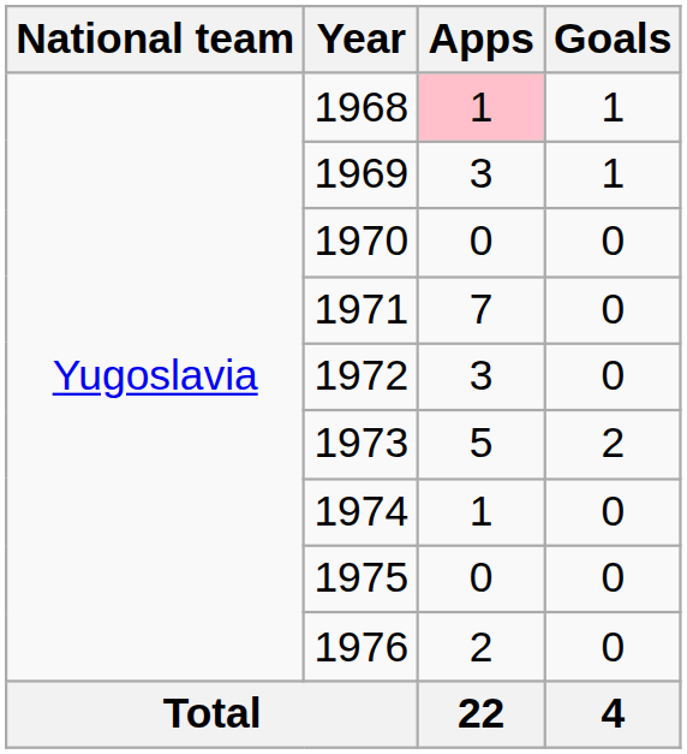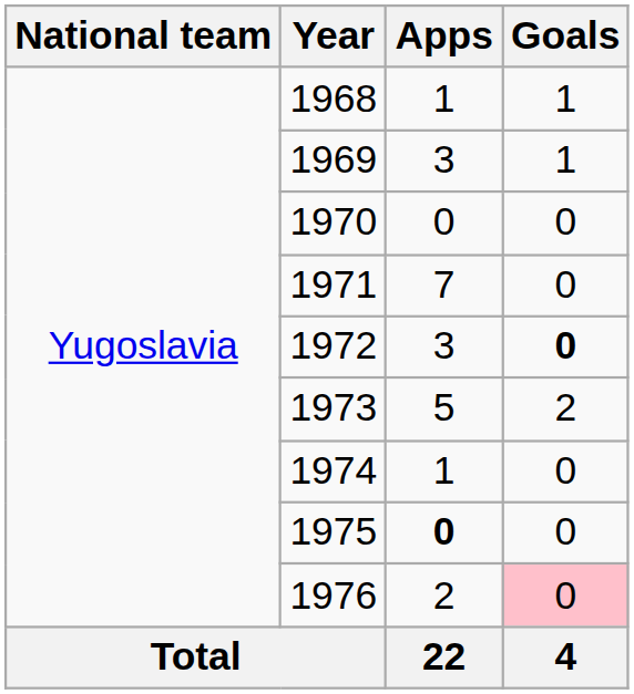 <table class="wikitable" style="text-align:center">
 <tr>
 <th>National team</th>
 <th>Year</th>
 <th>Apps</th>
 <th>Goals</th>
 </tr>
 <tr>
 <td rowspan="9"><a href='#'>Yugoslavia</a></td>
 <td>1968</td>
-<td style="background: pink;">1</td>
+<td>1</td>
 <td>1</td>
 </tr>
 <tr>
 <td>1969</td>
 <td>3</td>
 <td>1</td>
 </tr>
 <tr>
 <td>1970</td>
 <td>0</td>
 <td>0</td>
 </tr>
 <tr>
 <td>1971</td>
 <td>7</td>
 <td>0</td>
 </tr>
 <tr>
 <td>1972</td>
 <td>3</td>
-<td>0</td>
+<td><strong>0</strong></td>
 </tr>
 <tr>
 <td>1973</td>
 <td>5</td>
 <td>2</td>
 </tr>
 <tr>
 <td>1974</td>
 <td>1</td>
 <td>0</td>
 </tr>
 <tr>
 <td>1975</td>
-<td>0</td>
+<td><strong>0</strong></td>
 <td>0</td>
 </tr>
 <tr>
 <td>1976</td>
 <td>2</td>
-<td>0</td>
+<td style="background: pink;">0</td>
 </tr>
 <tr>
 <th colspan="2">Total</th>
 <th>22</th>
 <th>4</th>
 </tr>
 </table>
